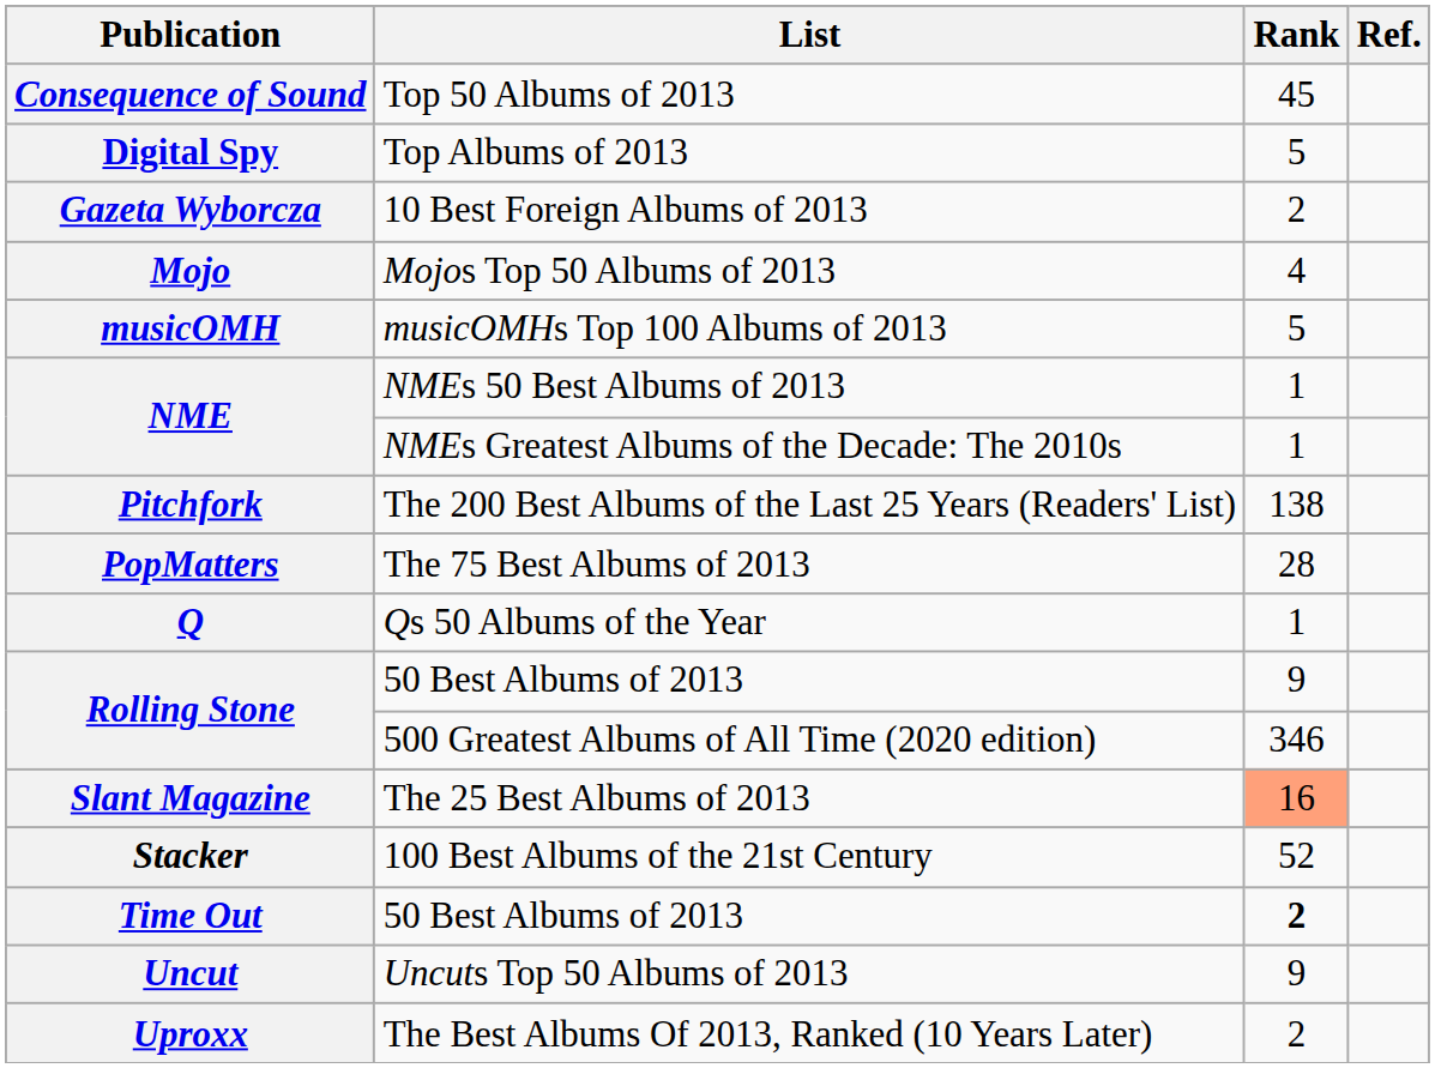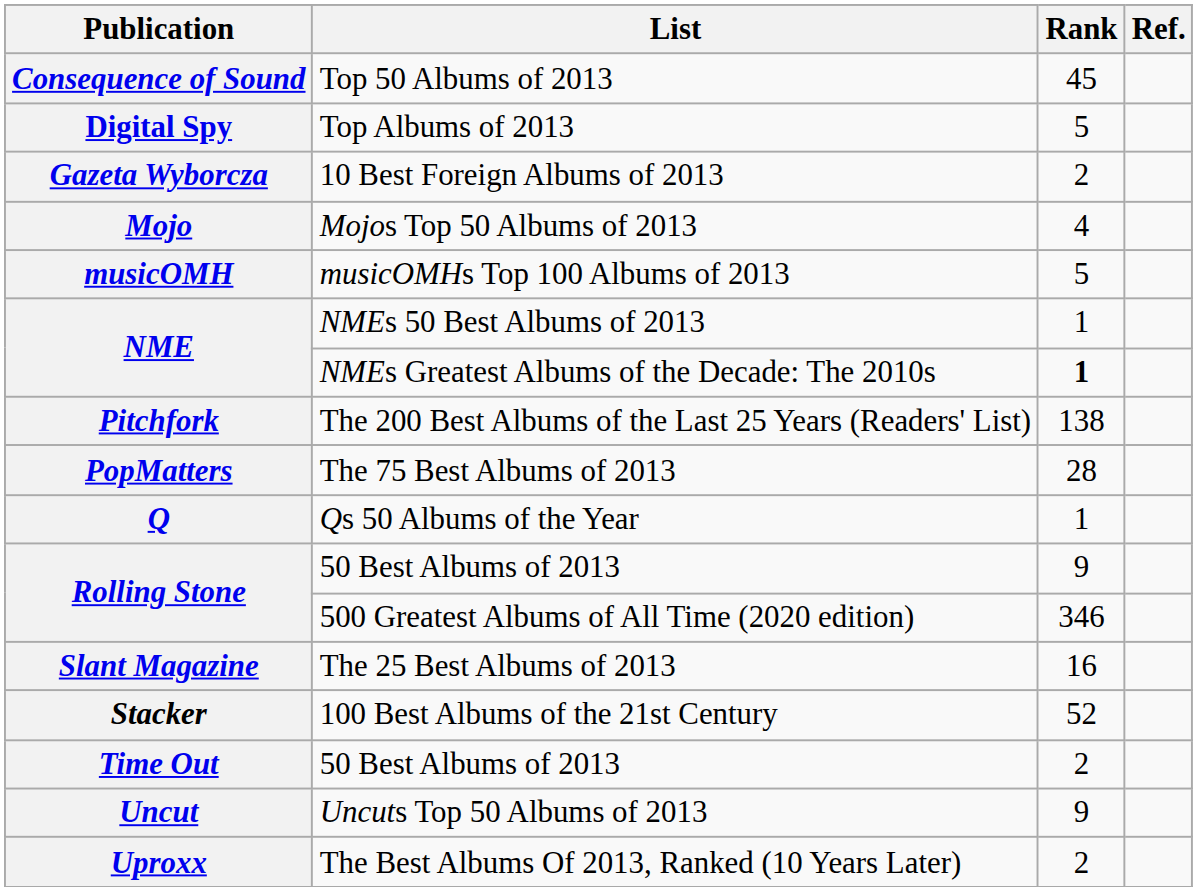 <table class="wikitable plainrowheaders">
 <tr>
 <th scope="col">Publication</th>
 <th scope="col">List</th>
 <th scope="col">Rank</th>
 <th scope="col">Ref.</th>
 </tr>
 <tr>
 <th scope="row"><em><a href='#'>Consequence of Sound</a></em></th>
 <td>Top 50 Albums of 2013</td>
 <td style="text-align:center;">45</td>
 <td style="text-align:center;"></td>
 </tr>
 <tr>
 <th scope="row"><a href='#'>Digital Spy</a></th>
 <td>Top Albums of 2013</td>
 <td style="text-align:center;">5</td>
 <td style="text-align:center;"></td>
 </tr>
 <tr>
 <th scope="row"><em><a href='#'>Gazeta Wyborcza</a></em></th>
 <td>10 Best Foreign Albums of 2013</td>
 <td style="text-align:center;">2</td>
 <td style="text-align:center;"></td>
 </tr>
 <tr>
 <th scope="row"><em><a href='#'>Mojo</a></em></th>
 <td><em>Mojo</em>s Top 50 Albums of 2013</td>
 <td style="text-align:center;">4</td>
 <td style="text-align:center;"></td>
 </tr>
 <tr>
 <th scope="row"><em><a href='#'>musicOMH</a></em></th>
 <td><em>musicOMH</em>s Top 100 Albums of 2013</td>
 <td style="text-align:center;">5</td>
 <td style="text-align:center;"></td>
 </tr>
 <tr>
 <th scope="row" rowspan="2"><em><a href='#'>NME</a></em></th>
 <td><em>NME</em>s 50 Best Albums of 2013</td>
 <td style="text-align:center;">1</td>
 <td style="text-align:center;"></td>
 </tr>
 <tr>
 <td><em>NME</em>s Greatest Albums of the Decade: The 2010s</td>
-<td style="text-align:center;">1</td>
+<td style="text-align:center;"><strong>1</strong></td>
 <td style="text-align:center;"></td>
 </tr>
 <tr>
 <th scope="row"><em><a href='#'>Pitchfork</a></em></th>
 <td>The 200 Best Albums of the Last 25 Years (Readers' List)</td>
 <td style="text-align:center;">138</td>
 <td style="text-align:center;"></td>
 </tr>
 <tr>
 <th scope="row"><em><a href='#'>PopMatters</a></em></th>
 <td>The 75 Best Albums of 2013</td>
 <td style="text-align:center;">28</td>
 <td style="text-align:center;"></td>
 </tr>
 <tr>
 <th scope="row"><em><a href='#'>Q</a></em></th>
 <td><em>Q</em>s 50 Albums of the Year</td>
 <td style="text-align:center;">1</td>
 <td style="text-align:center;"></td>
 </tr>
 <tr>
 <th scope="row" rowspan="2"><em><a href='#'>Rolling Stone</a></em></th>
 <td>50 Best Albums of 2013</td>
 <td style="text-align:center;">9</td>
 <td style="text-align:center;"></td>
 </tr>
 <tr>
 <td>500 Greatest Albums of All Time (2020 edition)</td>
 <td style="text-align:center;">346</td>
 <td style="text-align:center;"></td>
 </tr>
 <tr>
 <th scope="row"><em><a href='#'>Slant Magazine</a></em></th>
 <td>The 25 Best Albums of 2013</td>
-<td style="background: lightsalmon; text-align:center;">16</td>
+<td style="text-align:center;">16</td>
 <td style="text-align:center;"></td>
 </tr>
 <tr>
 <th scope="row"><em>Stacker</em></th>
 <td>100 Best Albums of the 21st Century</td>
 <td style="text-align:center;">52</td>
 <td style="text-align:center;"></td>
 </tr>
 <tr>
 <th scope="row"><em><a href='#'>Time Out</a></em></th>
 <td>50 Best Albums of 2013</td>
-<td style="text-align:center;"><strong>2</strong></td>
+<td style="text-align:center;">2</td>
 <td style="text-align:center;"></td>
 </tr>
 <tr>
 <th scope="row"><em><a href='#'>Uncut</a></em></th>
 <td><em>Uncut</em>s Top 50 Albums of 2013</td>
 <td style="text-align:center;">9</td>
 <td style="text-align:center;"></td>
 </tr>
 <tr>
 <th scope="row"><em><a href='#'>Uproxx</a></em></th>
 <td>The Best Albums Of 2013, Ranked (10 Years Later)</td>
 <td style="text-align:center;">2</td>
 <td style="text-align:center;"></td>
 </tr>
 <tr>
 </tr>
 </table>
